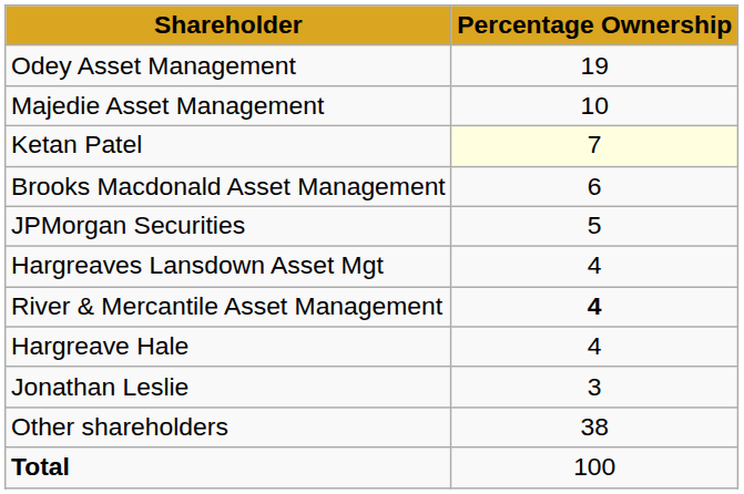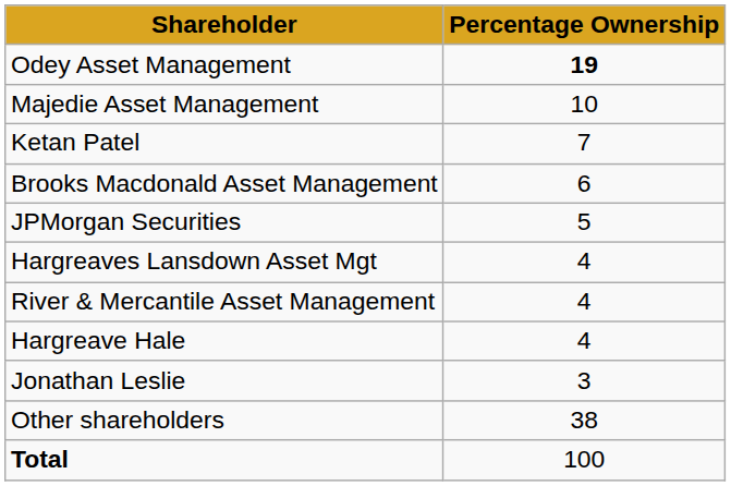 <table class="wikitable">
 <tr align="center" bgcolor="#DAA520">
 <td><strong>Shareholder</strong></td>
 <td><strong>Percentage Ownership</strong></td>
 </tr>
 <tr align="left">
 <td>Odey Asset Management</td>
-<td align="center">19</td>
+<td align="center"><strong>19</strong></td>
 </tr>
 <tr align="left">
 <td>Majedie Asset Management</td>
 <td align="center">10</td>
 </tr>
 <tr align="left">
 <td>Ketan Patel</td>
-<td align="center" style="background: lightyellow;">7</td>
+<td align="center">7</td>
 </tr>
 <tr align="left">
 <td>Brooks Macdonald Asset Management</td>
 <td align="center">6</td>
 </tr>
 <tr align="left">
 <td>JPMorgan Securities</td>
 <td align="center">5</td>
 </tr>
 <tr>
 <td>Hargreaves Lansdown Asset Mgt</td>
 <td align="center">4</td>
 </tr>
 <tr>
 <td>River & Mercantile Asset Management</td>
-<td align="center"><strong>4</strong></td>
+<td align="center">4</td>
 </tr>
 <tr>
 <td>Hargreave Hale</td>
 <td align="center">4</td>
 </tr>
 <tr>
 <td>Jonathan Leslie</td>
 <td align="center">3</td>
 </tr>
 <tr>
 <td>Other shareholders</td>
 <td align="center">38</td>
 </tr>
 <tr>
 <td><strong>Total</strong></td>
 <td align="center">100</td>
 </tr>
 </table>
